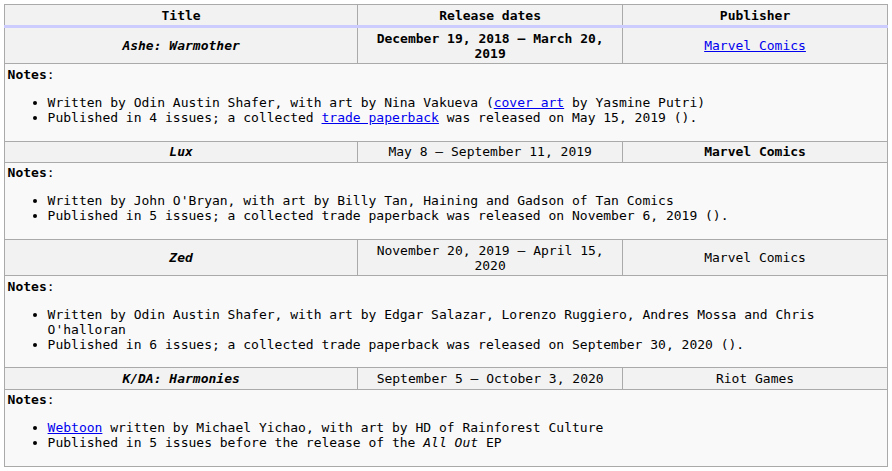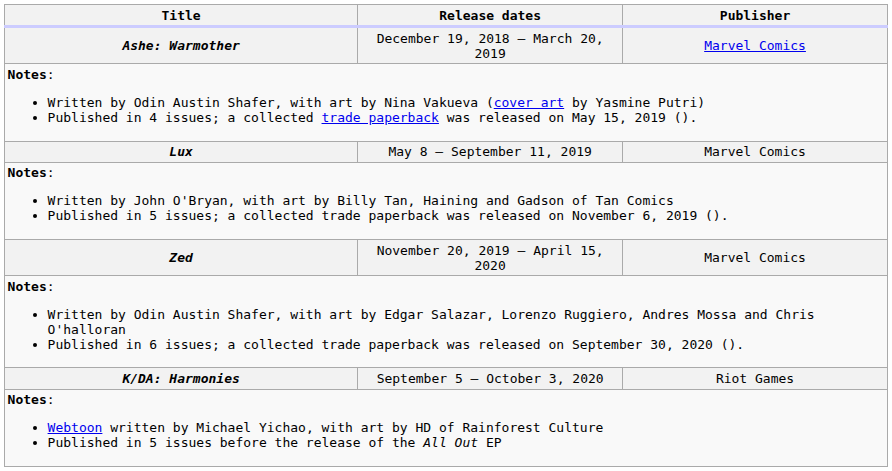 <table class="wikitable plainrowheaders" style="width:100%; text-align:center;">
 <tr style="border-bottom: solid #ccf 3px;">
 <th scope="col" style="width:40%">Title</th>
 <th scope="col" style="width:30%">Release dates</th>
 <th scope="col" style="width:30%">Publisher</th>
 </tr>
 <tr style="background-color:#f2f2f2">
 <th scope="row" style="text-align:center"><em>Ashe: Warmother</em></th>
-<td><strong>December 19, 2018 – March 20, 2019</strong></td>
+<td>December 19, 2018 – March 20, 2019</td>
 <td><a href='#'>Marvel Comics</a></td>
 </tr>
 <tr>
 <td colspan="3" style="text-align:left"><strong>Notes</strong>:<br><ul><li>Written by Odin Austin Shafer, with art by Nina Vakueva (<a href='#'>cover art</a> by Yasmine Putri)</li><li>Published in 4 issues; a collected <a href='#'>trade paperback</a> was released on May 15, 2019 ().</li></ul></td>
 </tr>
 <tr style="background-color:#f2f2f2">
 <th scope="row" style="text-align:center"><em>Lux</em></th>
 <td>May 8 – September 11, 2019</td>
-<td><strong>Marvel Comics</strong></td>
+<td>Marvel Comics</td>
 </tr>
 <tr>
 <td colspan="3" style="text-align:left"><strong>Notes</strong>:<br><ul><li>Written by John O'Bryan, with art by Billy Tan, Haining and Gadson of Tan Comics</li><li>Published in 5 issues; a collected trade paperback was released on November 6, 2019 ().</li></ul></td>
 </tr>
 <tr style="background-color:#f2f2f2">
 <th scope="row" style="text-align:center"><em>Zed</em></th>
 <td>November 20, 2019 – April 15, 2020</td>
 <td>Marvel Comics</td>
 </tr>
 <tr>
 <td colspan="3" style="text-align:left"><strong>Notes</strong>:<br><ul><li>Written by Odin Austin Shafer, with art by Edgar Salazar, Lorenzo Ruggiero, Andres Mossa and Chris O'halloran</li><li>Published in 6 issues; a collected trade paperback was released on September 30, 2020 ().</li></ul></td>
 </tr>
 <tr style=" background-color:#f2f2f2">
 <th scope="row" style="text-align:center"><em>K/DA: Harmonies</em></th>
 <td>September 5 – October 3, 2020</td>
 <td>Riot Games</td>
 </tr>
 <tr>
 <td colspan="3" style="text-align:left"><strong>Notes</strong>:<br><ul><li><a href='#'>Webtoon</a> written by Michael Yichao, with art by HD of Rainforest Culture</li><li>Published in 5 issues before the release of the <em>All Out</em> EP</li></ul></td>
 </tr>
 </table>
